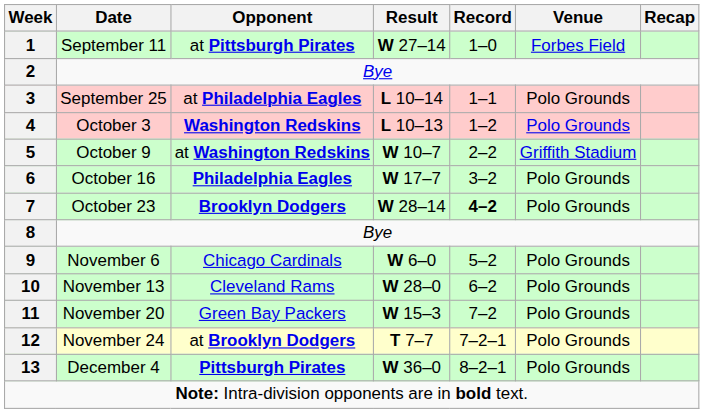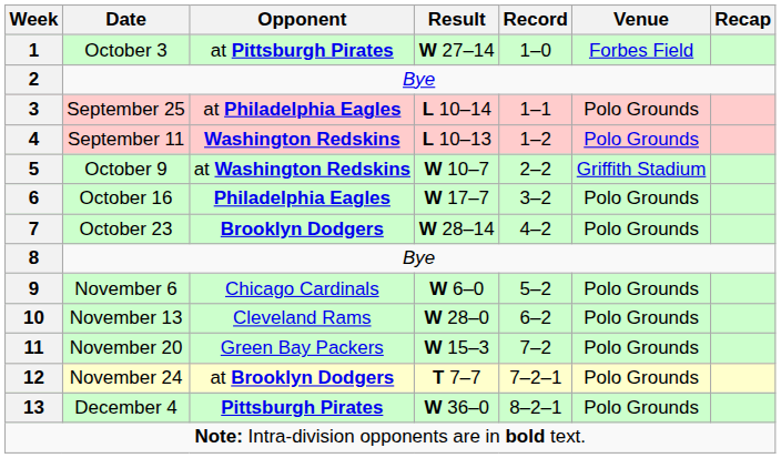 <table class="wikitable" style="text-align:center">
 <tr>
 <th>Week</th>
 <th>Date</th>
 <th>Opponent</th>
 <th>Result</th>
 <th>Record</th>
 <th>Venue</th>
 <th>Recap</th>
 </tr>
 <tr style="background:#cfc">
 <th>1</th>
-<td>September 11</td>
+<td>October 3</td>
 <td>at <strong><a href='#'>Pittsburgh Pirates</a></strong></td>
 <td><strong>W</strong> 27–14</td>
 <td>1–0</td>
 <td><a href='#'>Forbes Field</a></td>
 <td></td>
 </tr>
 <tr>
 <th>2</th>
 <td colspan="6"><em><a href='#'>Bye</a></em></td>
 </tr>
 <tr style="background:#fcc">
 <th>3</th>
 <td>September 25</td>
 <td>at <strong><a href='#'>Philadelphia Eagles</a></strong></td>
 <td><strong>L</strong> 10–14</td>
 <td>1–1</td>
 <td>Polo Grounds</td>
 <td></td>
 </tr>
 <tr style="background:#fcc">
 <th>4</th>
-<td>October 3</td>
+<td>September 11</td>
 <td><strong><a href='#'>Washington Redskins</a></strong></td>
 <td><strong>L</strong> 10–13</td>
 <td>1–2</td>
 <td><a href='#'>Polo Grounds</a></td>
 <td></td>
 </tr>
 <tr style="background:#cfc">
 <th>5</th>
 <td>October 9</td>
 <td>at <strong><a href='#'>Washington Redskins</a></strong></td>
 <td><strong>W</strong> 10–7</td>
 <td>2–2</td>
 <td><a href='#'>Griffith Stadium</a></td>
 <td></td>
 </tr>
 <tr style="background:#cfc">
 <th>6</th>
 <td>October 16</td>
 <td><strong><a href='#'>Philadelphia Eagles</a></strong></td>
 <td><strong>W</strong> 17–7</td>
 <td>3–2</td>
 <td>Polo Grounds</td>
 <td></td>
 </tr>
 <tr style="background:#cfc">
 <th>7</th>
 <td>October 23</td>
 <td><strong><a href='#'>Brooklyn Dodgers</a></strong></td>
 <td><strong>W</strong> 28–14</td>
-<td><strong>4–2</strong></td>
+<td>4–2</td>
 <td>Polo Grounds</td>
 <td></td>
 </tr>
 <tr>
 <th>8</th>
 <td colspan="6"><em>Bye</em></td>
 </tr>
 <tr style="background:#cfc">
 <th>9</th>
 <td>November 6</td>
 <td><a href='#'>Chicago Cardinals</a></td>
 <td><strong>W</strong> 6–0</td>
 <td>5–2</td>
 <td>Polo Grounds</td>
 <td></td>
 </tr>
 <tr style="background:#cfc">
 <th>10</th>
 <td>November 13</td>
 <td><a href='#'>Cleveland Rams</a></td>
 <td><strong>W</strong> 28–0</td>
 <td>6–2</td>
 <td>Polo Grounds</td>
 <td></td>
 </tr>
 <tr style="background:#cfc">
 <th>11</th>
 <td>November 20</td>
 <td><a href='#'>Green Bay Packers</a></td>
 <td><strong>W</strong> 15–3</td>
 <td>7–2</td>
 <td>Polo Grounds</td>
 <td></td>
 </tr>
 <tr style="background:#ffc">
 <th>12</th>
 <td>November 24</td>
 <td>at <strong><a href='#'>Brooklyn Dodgers</a></strong></td>
 <td><strong>T</strong> 7–7</td>
 <td>7–2–1</td>
 <td>Polo Grounds</td>
 <td></td>
 </tr>
 <tr style="background:#cfc">
 <th>13</th>
 <td>December 4</td>
 <td><strong><a href='#'>Pittsburgh Pirates</a></strong></td>
 <td><strong>W</strong> 36–0</td>
 <td>8–2–1</td>
 <td>Polo Grounds</td>
 <td></td>
 </tr>
 <tr>
 <td colspan="8"><strong>Note:</strong> Intra-division opponents are in <strong>bold</strong> text.</td>
 </tr>
 </table>
